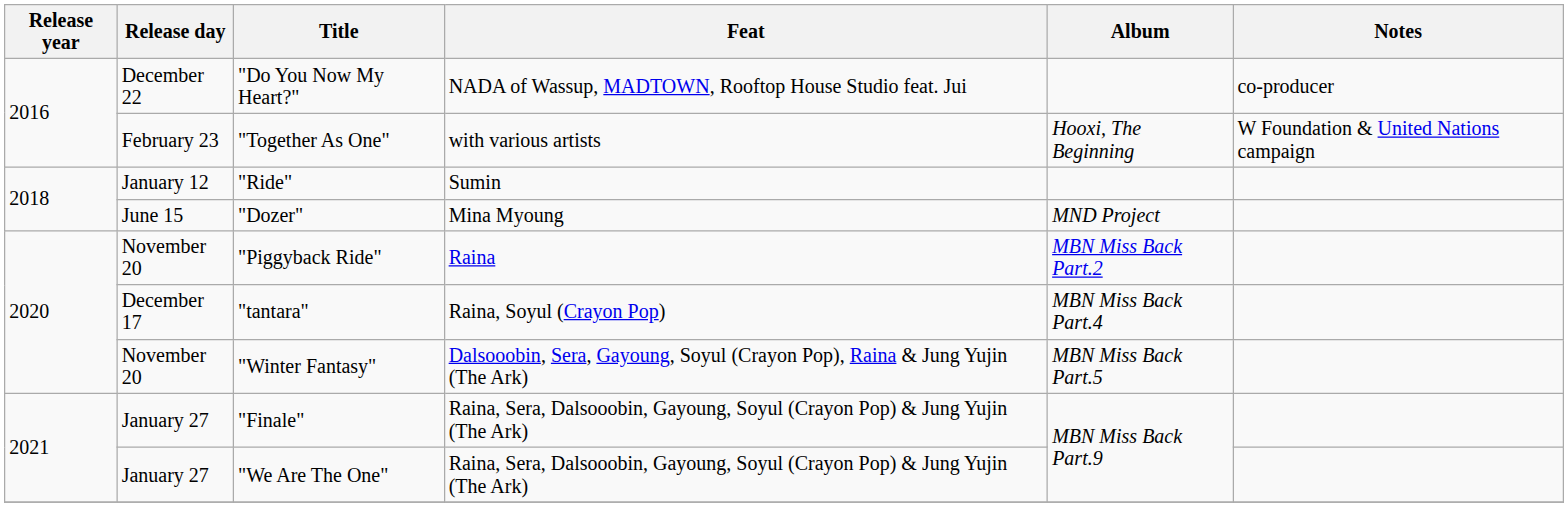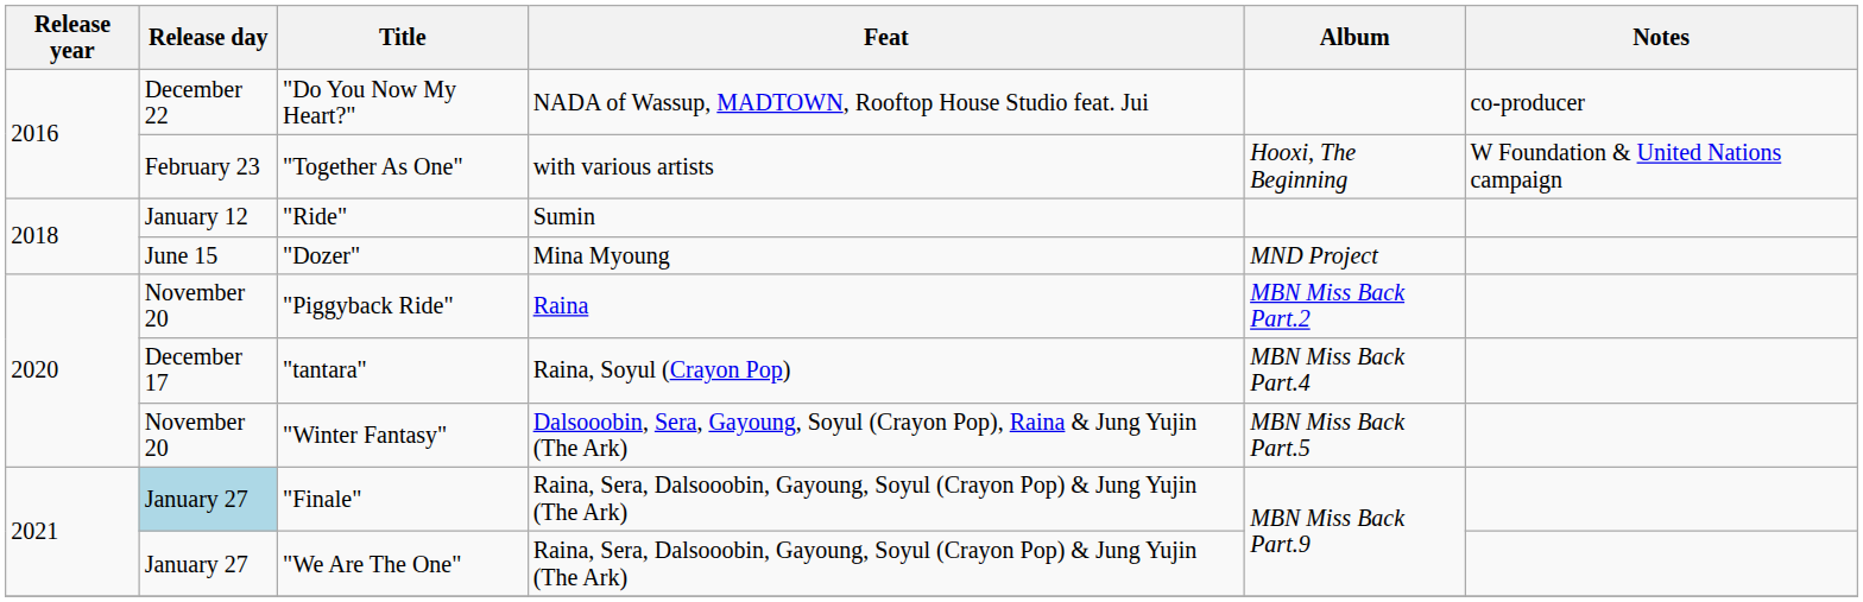 <table class="wikitable">
 <tr>
 <th>Release year</th>
 <th>Release day</th>
 <th>Title</th>
 <th>Feat</th>
 <th>Album</th>
 <th>Notes</th>
 </tr>
 <tr>
 <td rowspan="2">2016</td>
 <td>December 22</td>
 <td>"Do You Now My Heart?" </td>
 <td>NADA of Wassup, <a href='#'>MADTOWN</a>, Rooftop House Studio feat. Jui</td>
 <td></td>
 <td>co-producer</td>
 </tr>
 <tr>
 <td>February 23</td>
 <td>"Together As One"</td>
 <td>with various artists</td>
 <td><em>Hooxi, The Beginning</em></td>
 <td>W Foundation & <a href='#'>United Nations</a> campaign</td>
 </tr>
 <tr>
 <td rowspan="2">2018</td>
 <td>January 12</td>
 <td>"Ride"</td>
 <td>Sumin</td>
 <td></td>
 <td></td>
 </tr>
 <tr>
 <td>June 15</td>
 <td>"Dozer" </td>
 <td>Mina Myoung</td>
 <td><em>MND Project</em></td>
 <td></td>
 </tr>
 <tr>
 <td rowspan="3">2020</td>
 <td>November 20</td>
 <td>"Piggyback Ride" </td>
 <td><a href='#'>Raina</a></td>
 <td><em><a href='#'>MBN Miss Back Part.2</a></em></td>
 <td></td>
 </tr>
 <tr>
 <td>December 17</td>
 <td>"tantara"</td>
 <td>Raina, Soyul (<a href='#'>Crayon Pop</a>)</td>
 <td><em>MBN Miss Back Part.4</em></td>
 <td></td>
 </tr>
 <tr>
 <td>November 20</td>
 <td>"Winter Fantasy"</td>
 <td><a href='#'>Dalsooobin</a>, <a href='#'>Sera</a>, <a href='#'>Gayoung</a>, Soyul (Crayon Pop), <a href='#'>Raina</a> & Jung Yujin (The Ark)</td>
 <td><em>MBN Miss Back Part.5</em></td>
 <td></td>
 </tr>
 <tr>
 <td rowspan="2">2021</td>
-<td>January 27</td>
+<td style="background: lightblue;">January 27</td>
 <td>"Finale"</td>
 <td>Raina, Sera, Dalsooobin, Gayoung, Soyul (Crayon Pop) & Jung Yujin (The Ark)</td>
 <td rowspan="2"><em>MBN Miss Back Part.9</em></td>
 <td></td>
 </tr>
 <tr>
 <td>January 27</td>
 <td>"We Are The One"</td>
 <td>Raina, Sera, Dalsooobin, Gayoung, Soyul (Crayon Pop) & Jung Yujin (The Ark)</td>
 <td></td>
 </tr>
 <tr>
 </tr>
 </table>
